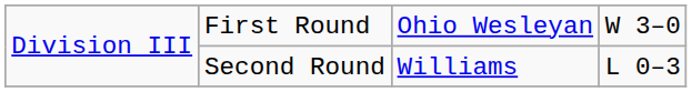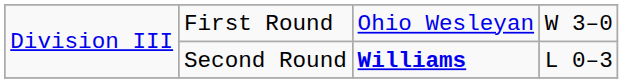 <table class="wikitable">
 <tr>
 <td rowspan="5"><a href='#'>Division III</a></td>
 <td>First Round</td>
 <td><a href='#'>Ohio Wesleyan</a></td>
 <td>W 3–0</td>
 </tr>
 <tr>
 <td>Second Round</td>
-<td><a href='#'>Williams</a></td>
+<td><strong><a href='#'>Williams</a></strong></td>
 <td>L 0–3</td>
 </tr>
 </table>
